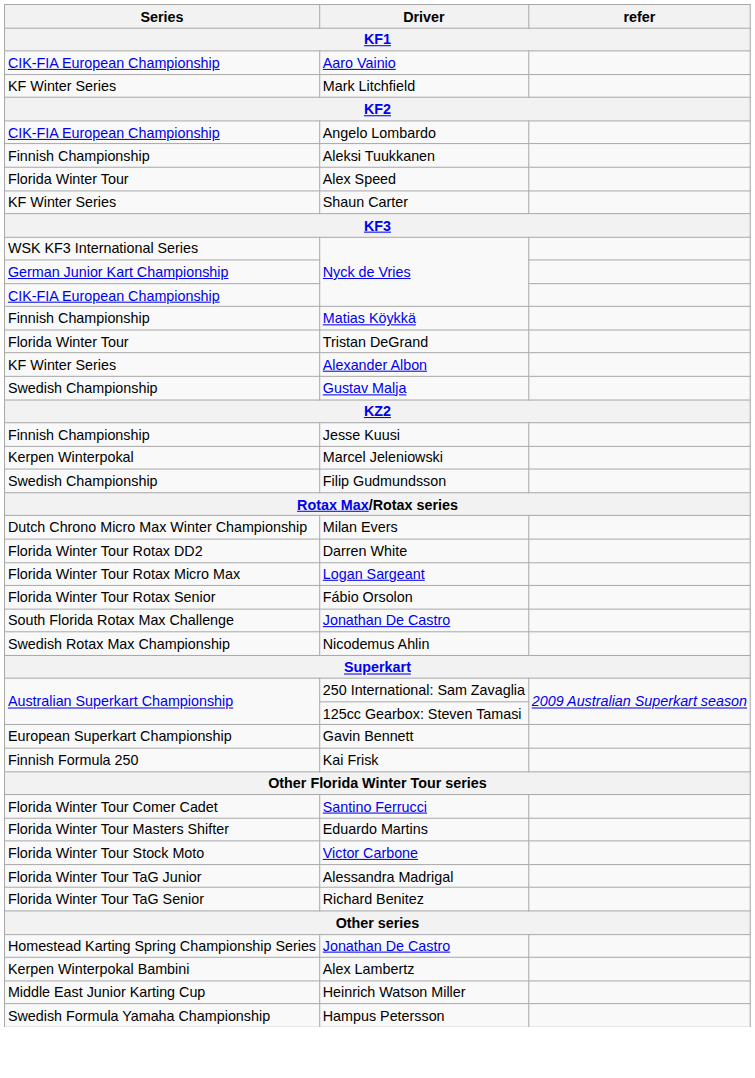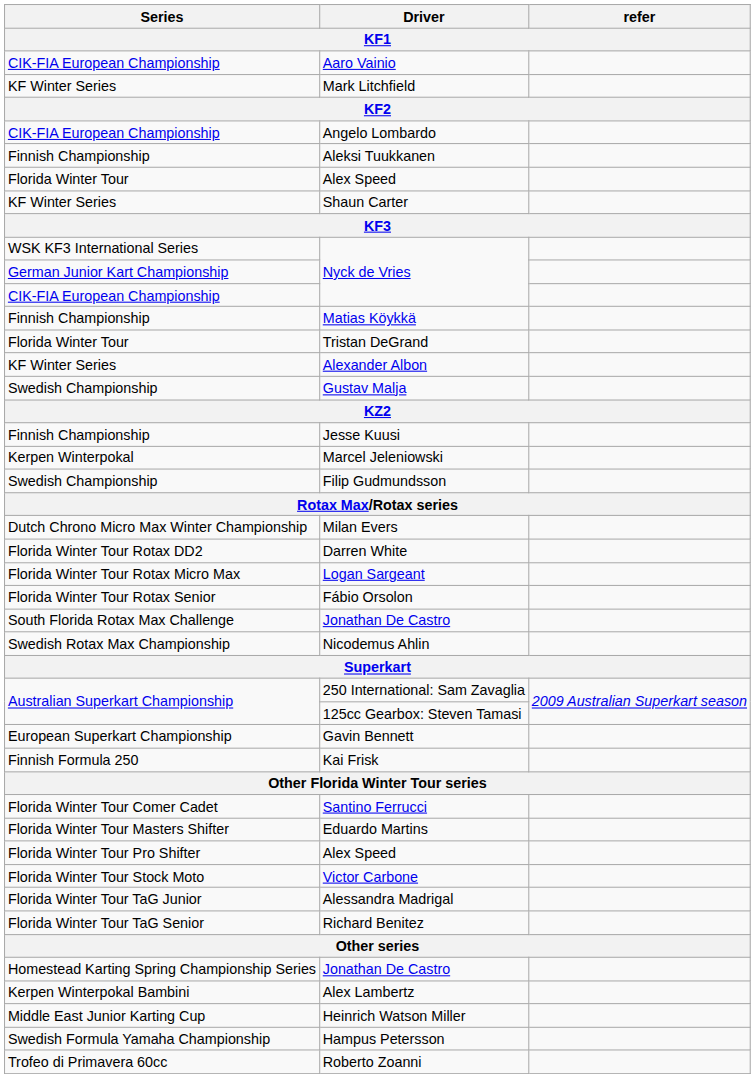 <table class="wikitable" style="font-size:87%;">
 <tr>
 <th>Series</th>
 <th>Driver</th>
 <th>refer</th>
 </tr>
 <tr>
 <th colspan=3 align="center"><a href='#'>KF1</a></th>
 </tr>
 <tr>
 <td><a href='#'>CIK-FIA European Championship</a></td>
 <td> <a href='#'>Aaro Vainio</a></td>
 <td></td>
 </tr>
 <tr>
 <td>KF Winter Series</td>
 <td> Mark Litchfield</td>
 <td></td>
 </tr>
 <tr>
 <th colspan=3 align="center"><a href='#'>KF2</a></th>
 </tr>
 <tr>
 <td><a href='#'>CIK-FIA European Championship</a></td>
 <td> Angelo Lombardo</td>
 <td></td>
 </tr>
 <tr>
 <td>Finnish Championship</td>
 <td> Aleksi Tuukkanen</td>
 <td></td>
 </tr>
 <tr>
 <td>Florida Winter Tour</td>
 <td> Alex Speed</td>
 <td></td>
 </tr>
 <tr>
 <td>KF Winter Series</td>
 <td> Shaun Carter</td>
 <td></td>
 </tr>
 <tr>
 <th colspan=3 align="center"><a href='#'>KF3</a></th>
 </tr>
 <tr>
 <td>WSK KF3 International Series</td>
 <td rowspan=3> <a href='#'>Nyck de Vries</a></td>
 <td></td>
 </tr>
 <tr>
 <td><a href='#'>German Junior Kart Championship</a></td>
 <td></td>
 </tr>
 <tr>
 <td><a href='#'>CIK-FIA European Championship</a></td>
 <td></td>
 </tr>
 <tr>
 <td>Finnish Championship</td>
 <td> <a href='#'>Matias Köykkä</a></td>
 <td></td>
 </tr>
 <tr>
 <td>Florida Winter Tour</td>
 <td> Tristan DeGrand</td>
 <td></td>
 </tr>
 <tr>
 <td>KF Winter Series</td>
 <td> <a href='#'>Alexander Albon</a></td>
 <td></td>
 </tr>
 <tr>
 <td>Swedish Championship</td>
 <td> <a href='#'>Gustav Malja</a></td>
 <td></td>
 </tr>
 <tr>
 <th colspan=3 align="center"><a href='#'>KZ2</a></th>
 </tr>
 <tr>
 <td>Finnish Championship</td>
 <td> Jesse Kuusi</td>
 <td></td>
 </tr>
 <tr>
 <td>Kerpen Winterpokal</td>
 <td> Marcel Jeleniowski</td>
 <td></td>
 </tr>
 <tr>
 <td>Swedish Championship</td>
 <td> Filip Gudmundsson</td>
 <td></td>
 </tr>
 <tr>
 <th colspan=3 align="center"><a href='#'>Rotax Max</a>/Rotax series</th>
 </tr>
 <tr>
 <td>Dutch Chrono Micro Max Winter Championship</td>
 <td> Milan Evers</td>
 <td></td>
 </tr>
 <tr>
 <td>Florida Winter Tour Rotax DD2</td>
 <td> Darren White</td>
 <td></td>
 </tr>
 <tr>
 <td>Florida Winter Tour Rotax Micro Max</td>
 <td> <a href='#'>Logan Sargeant</a></td>
 <td></td>
 </tr>
 <tr>
 <td>Florida Winter Tour Rotax Senior</td>
 <td> Fábio Orsolon</td>
 <td></td>
 </tr>
 <tr>
 <td>South Florida Rotax Max Challenge</td>
 <td> <a href='#'>Jonathan De Castro</a></td>
 <td></td>
 </tr>
 <tr>
 <td>Swedish Rotax Max Championship</td>
 <td> Nicodemus Ahlin</td>
 <td></td>
 </tr>
 <tr>
 <th colspan=3 align="center"><a href='#'>Superkart</a></th>
 </tr>
 <tr>
 <td rowspan=2><a href='#'>Australian Superkart Championship</a></td>
 <td>250 International:  Sam Zavaglia</td>
 <td rowspan=2><em><a href='#'>2009 Australian Superkart season</a></em></td>
 </tr>
 <tr>
 <td>125cc Gearbox:  Steven Tamasi</td>
 </tr>
 <tr>
 <td>European Superkart Championship</td>
 <td> Gavin Bennett</td>
 <td></td>
 </tr>
 <tr>
 <td>Finnish Formula 250</td>
 <td> Kai Frisk</td>
 <td></td>
 </tr>
 <tr>
 <th colspan=3 align="center">Other Florida Winter Tour series</th>
 </tr>
 <tr>
 <td>Florida Winter Tour Comer Cadet</td>
 <td> <a href='#'>Santino Ferrucci</a></td>
 <td></td>
 </tr>
 <tr>
 <td>Florida Winter Tour Masters Shifter</td>
 <td> Eduardo Martins</td>
 <td></td>
 </tr>
 <tr>
+<td>Florida Winter Tour Pro Shifter</td>
+<td> Alex Speed</td>
+<td></td>
+</tr>
+<tr>
 <td>Florida Winter Tour Stock Moto</td>
 <td> <a href='#'>Victor Carbone</a></td>
 <td></td>
 </tr>
 <tr>
 <td>Florida Winter Tour TaG Junior</td>
 <td> Alessandra Madrigal</td>
 <td></td>
 </tr>
 <tr>
 <td>Florida Winter Tour TaG Senior</td>
 <td> Richard Benitez</td>
 <td></td>
 </tr>
 <tr>
 <th colspan=3 align="center">Other series</th>
 </tr>
 <tr>
 <td>Homestead Karting Spring Championship Series</td>
 <td> <a href='#'>Jonathan De Castro</a></td>
 <td></td>
 </tr>
 <tr>
 <td>Kerpen Winterpokal Bambini</td>
 <td> Alex Lambertz</td>
 <td></td>
 </tr>
 <tr>
 <td>Middle East Junior Karting Cup</td>
 <td> Heinrich Watson Miller</td>
 <td></td>
 </tr>
 <tr>
 <td>Swedish Formula Yamaha Championship</td>
 <td> Hampus Petersson</td>
 <td></td>
 </tr>
+<tr>
+<td>Trofeo di Primavera 60cc</td>
+<td> Roberto Zoanni</td>
+<td></td>
+</tr>
 </table>
